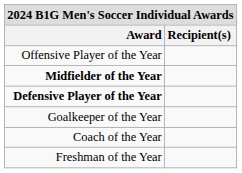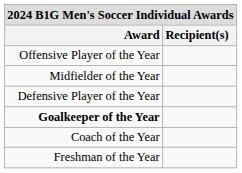 <table class="wikitable" style="white-space:nowrap; font-size:90%;">
 <tr>
 <td colspan="7" style="text-align:center; background:#ddd;"><strong>2024 B1G Men's Soccer Individual Awards</strong></td>
 </tr>
 <tr>
 <th style="text-align:right;">Award</th>
 <th style="text-align:left;">Recipient(s)</th>
 </tr>
 <tr>
 <td style="text-align:right;">Offensive Player of the Year</td>
 <td style="text-align:left;"></td>
 </tr>
 <tr>
-<td style="text-align:right;"><strong>Midfielder of the Year</strong></td>
+<td style="text-align:right;">Midfielder of the Year</td>
 <td style="text-align:left;"></td>
 </tr>
 <tr>
-<td style="text-align:right;"><strong>Defensive Player of the Year</strong></td>
+<td style="text-align:right;">Defensive Player of the Year</td>
 <td style="text-align:left;"></td>
 </tr>
 <tr>
-<td style="text-align:right;">Goalkeeper of the Year</td>
+<td style="text-align:right;"><strong>Goalkeeper of the Year</strong></td>
 <td style="text-align:left;"></td>
 </tr>
 <tr>
 <td style="text-align:right;">Coach of the Year</td>
 <td style="text-align:left;"></td>
 </tr>
 <tr>
 <td style="text-align:right;">Freshman of the Year</td>
 <td style="text-align:left;"></td>
 </tr>
 </table>
